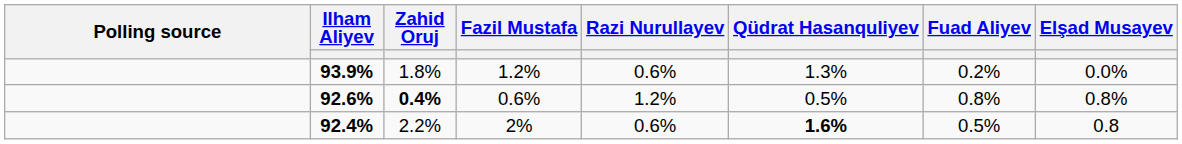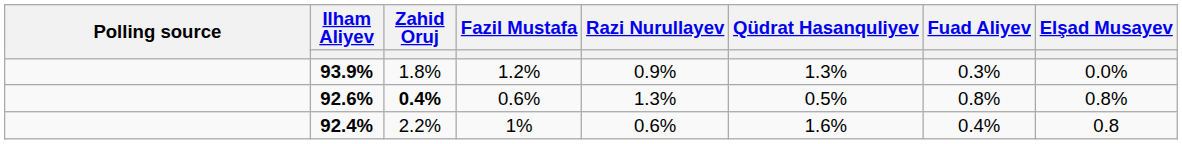 <table class="wikitable" style="text-align: center; font-size:90%; line-height:14px;">
 <tr>
 <th rowspan="2" style="width:230px;">Polling source</th>
 <th style="width:50px;"><a href='#'>Ilham Aliyev</a></th>
 <th style="width:50px;"><a href='#'>Zahid Oruj</a></th>
 <th><a href='#'>Fazil Mustafa</a></th>
 <th><a href='#'>Razi Nurullayev</a></th>
 <th><a href='#'>Qüdrat Hasanquliyev</a></th>
 <th><a href='#'>Fuad Aliyev</a></th>
 <th><a href='#'>Elşad Musayev</a></th>
 </tr>
 <tr>
 <th style="background:"></th>
 <th style="background:"></th>
 <th style="background:"></th>
 <th style="background:"></th>
 <th style="background:"></th>
 <th style="background:"></th>
 <th style="background:"></th>
 </tr>
 <tr>
 <td></td>
 <td><strong>93.9%</strong></td>
 <td>1.8%</td>
 <td>1.2%</td>
-<td>0.6%</td>
+<td>0.9%</td>
 <td>1.3%</td>
-<td>0.2%</td>
+<td>0.3%</td>
 <td>0.0%</td>
 </tr>
 <tr>
 <td></td>
 <td><strong>92.6%</strong></td>
 <td><strong>0.4%</strong></td>
 <td>0.6%</td>
-<td>1.2%</td>
+<td>1.3%</td>
 <td>0.5%</td>
 <td>0.8%</td>
 <td>0.8%</td>
 </tr>
 <tr>
 <td></td>
 <td><strong>92.4%</strong></td>
 <td>2.2%</td>
-<td>2%</td>
+<td>1%</td>
 <td>0.6%</td>
-<td><strong>1.6%</strong></td>
-<td>0.5%</td>
+<td>1.6%</td>
+<td>0.4%</td>
 <td>0.8</td>
 </tr>
 </table>
